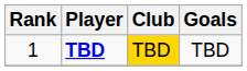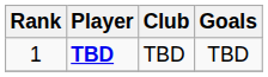 <table class="wikitable" style="text-align:center">
 <tr>
 <th>Rank</th>
 <th>Player</th>
 <th>Club</th>
 <th>Goals</th>
 </tr>
 <tr>
 <td>1</td>
 <td style="text-align:left;"><strong><a href='#'>TBD</a></strong></td>
-<td style="background: gold; text-align:left;">TBD</td>
+<td style="text-align:left;">TBD</td>
 <td>TBD</td>
 </tr>
 <tr>
 </tr>
 </table>
